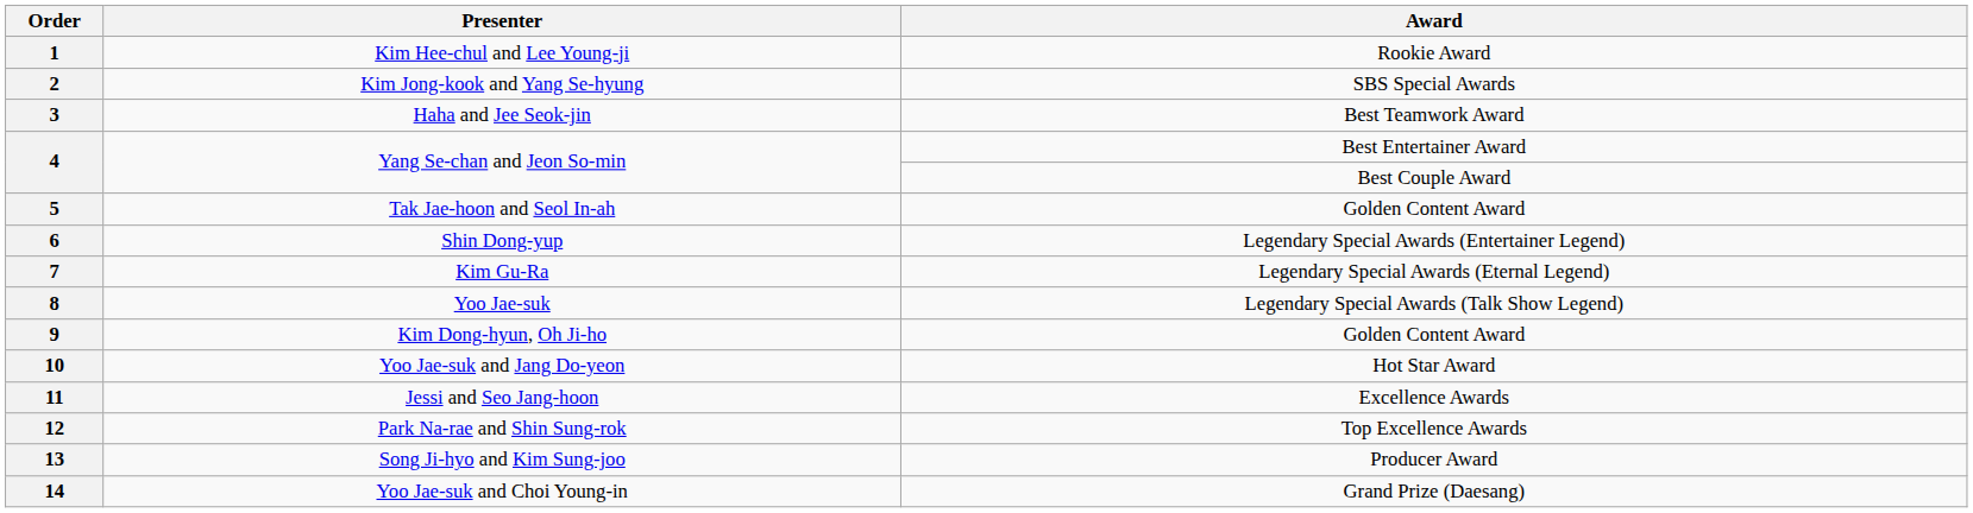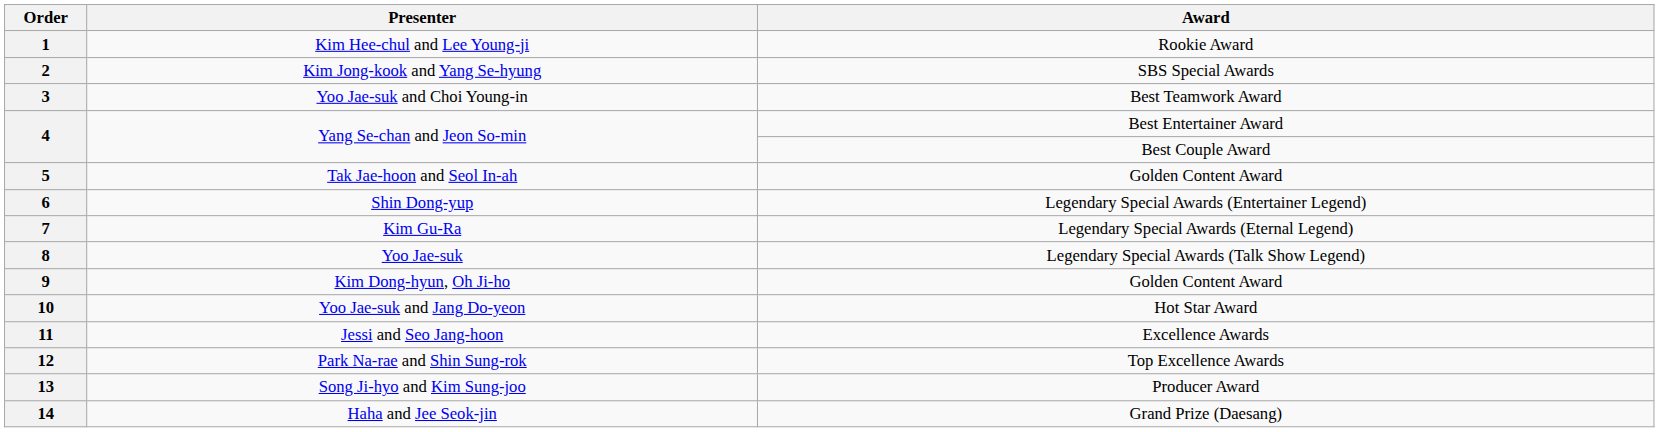 <table class="wikitable" style="text-align:center; width:80%;">
 <tr>
 <th scope="col" width="5%">Order</th>
 <th scope="col">Presenter</th>
 <th scope="col">Award</th>
 </tr>
 <tr>
 <th scope="col">1</th>
 <td><a href='#'>Kim Hee-chul</a> and <a href='#'>Lee Young-ji</a></td>
 <td>Rookie Award</td>
 </tr>
 <tr>
 <th scope="col">2</th>
 <td><a href='#'>Kim Jong-kook</a> and <a href='#'>Yang Se-hyung</a></td>
 <td>SBS Special Awards</td>
 </tr>
 <tr>
 <th scope="col">3</th>
-<td><a href='#'>Haha</a> and <a href='#'>Jee Seok-jin</a></td>
+<td><a href='#'>Yoo Jae-suk</a> and Choi Young-in</td>
 <td>Best Teamwork Award</td>
 </tr>
 <tr>
 <th rowspan="2" scope="col">4</th>
 <td rowspan="2"><a href='#'>Yang Se-chan</a> and <a href='#'>Jeon So-min</a></td>
 <td>Best Entertainer Award</td>
 </tr>
 <tr>
 <td>Best Couple Award</td>
 </tr>
 <tr>
 <th scope="col">5</th>
 <td><a href='#'>Tak Jae-hoon</a> and <a href='#'>Seol In-ah</a></td>
 <td>Golden Content Award</td>
 </tr>
 <tr>
 <th scope="col">6</th>
 <td><a href='#'>Shin Dong-yup</a></td>
 <td>Legendary Special Awards (Entertainer Legend)</td>
 </tr>
 <tr>
 <th>7</th>
 <td><a href='#'>Kim Gu-Ra</a></td>
 <td>Legendary Special Awards (Eternal Legend)</td>
 </tr>
 <tr>
 <th scope="col">8</th>
 <td><a href='#'>Yoo Jae-suk</a></td>
 <td>Legendary Special Awards (Talk Show Legend)</td>
 </tr>
 <tr>
 <th scope="col">9</th>
 <td><a href='#'>Kim Dong-hyun</a>, <a href='#'>Oh Ji-ho</a></td>
 <td>Golden Content Award</td>
 </tr>
 <tr>
 <th scope="col">10</th>
 <td><a href='#'>Yoo Jae-suk</a> and <a href='#'>Jang Do-yeon</a></td>
 <td>Hot Star Award</td>
 </tr>
 <tr>
 <th scope="col">11</th>
 <td><a href='#'>Jessi</a> and <a href='#'>Seo Jang-hoon</a></td>
 <td>Excellence Awards</td>
 </tr>
 <tr>
 <th scope="col">12</th>
 <td><a href='#'>Park Na-rae</a> and <a href='#'>Shin Sung-rok</a></td>
 <td>Top Excellence Awards</td>
 </tr>
 <tr>
 <th scope="col">13</th>
 <td><a href='#'>Song Ji-hyo</a> and <a href='#'>Kim Sung-joo</a></td>
 <td>Producer Award</td>
 </tr>
 <tr>
 <th scope="col">14</th>
-<td><a href='#'>Yoo Jae-suk</a> and Choi Young-in</td>
+<td><a href='#'>Haha</a> and <a href='#'>Jee Seok-jin</a></td>
 <td>Grand Prize (Daesang)</td>
 </tr>
 </table>
